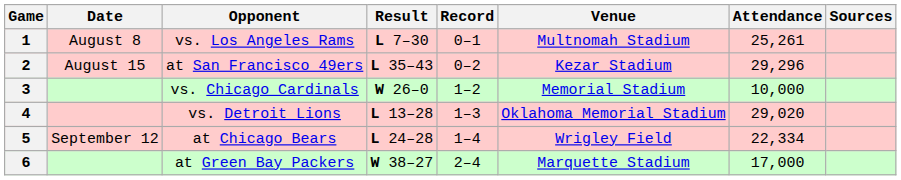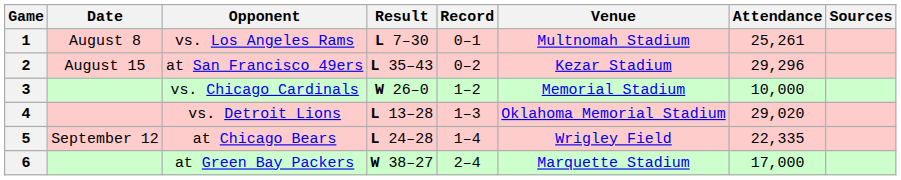 <table class="wikitable" style="text-align:center">
 <tr>
 <th>Game</th>
 <th>Date</th>
 <th>Opponent</th>
 <th>Result</th>
 <th>Record</th>
 <th>Venue</th>
 <th>Attendance</th>
 <th>Sources</th>
 </tr>
 <tr style="background:#fcc">
 <th>1</th>
 <td>August 8</td>
 <td>vs. <a href='#'>Los Angeles Rams</a></td>
 <td><strong>L</strong> 7–30</td>
 <td>0–1</td>
 <td><a href='#'>Multnomah Stadium</a></td>
 <td>25,261</td>
 <td></td>
 </tr>
 <tr style="background:#fcc">
 <th>2</th>
 <td>August 15</td>
 <td>at <a href='#'>San Francisco 49ers</a></td>
 <td><strong>L</strong> 35–43</td>
 <td>0–2</td>
 <td><a href='#'>Kezar Stadium</a></td>
 <td>29,296</td>
 <td></td>
 </tr>
 <tr style="background:#cfc">
 <th>3</th>
 <td></td>
 <td>vs. <a href='#'>Chicago Cardinals</a></td>
 <td><strong>W</strong> 26–0</td>
 <td>1–2</td>
 <td><a href='#'>Memorial Stadium</a></td>
 <td>10,000</td>
 <td></td>
 </tr>
 <tr style="background:#fcc">
 <th>4</th>
 <td></td>
 <td>vs. <a href='#'>Detroit Lions</a></td>
 <td><strong>L</strong> 13–28</td>
 <td>1–3</td>
 <td><a href='#'>Oklahoma Memorial Stadium</a></td>
 <td>29,020</td>
 <td></td>
 </tr>
 <tr style="background:#fcc">
 <th>5</th>
 <td>September 12</td>
 <td>at <a href='#'>Chicago Bears</a></td>
 <td><strong>L</strong> 24–28</td>
 <td>1–4</td>
 <td><a href='#'>Wrigley Field</a></td>
-<td>22,334</td>
+<td>22,335</td>
 <td></td>
 </tr>
 <tr style="background:#cfc">
 <th>6</th>
 <td></td>
 <td>at <a href='#'>Green Bay Packers</a></td>
 <td><strong>W</strong> 38–27</td>
 <td>2–4</td>
 <td><a href='#'>Marquette Stadium</a></td>
 <td>17,000</td>
 <td></td>
 </tr>
 </table>
